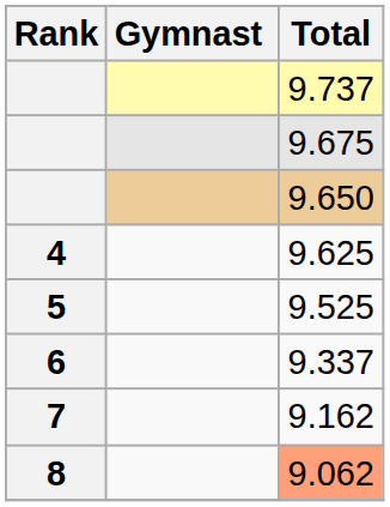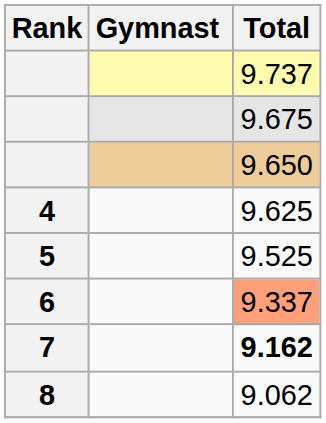 <table class="wikitable sortable" style="text-align:center; font-size:95%">
 <tr>
 <th scope=col>Rank</th>
 <th scope=col>Gymnast </th>
 <th scope=col>Total</th>
 </tr>
 <tr bgcolor=fffcaf>
 <th scope=row style="text-align:center"></th>
 <td align=left> </td>
 <td>9.737</td>
 </tr>
 <tr bgcolor=e5e5e5>
 <th scope=row style="text-align:center"></th>
 <td align=left> </td>
 <td>9.675</td>
 </tr>
 <tr bgcolor=eecc99>
 <th scope=row style="text-align:center"></th>
 <td align=left> </td>
 <td>9.650</td>
 </tr>
 <tr>
 <th scope=row style="text-align:center">4</th>
 <td align=left> </td>
 <td>9.625</td>
 </tr>
 <tr>
 <th scope=row style="text-align:center">5</th>
 <td align=left> </td>
 <td>9.525</td>
 </tr>
 <tr>
 <th scope=row style="text-align:center">6</th>
 <td align=left> </td>
-<td>9.337</td>
+<td style="background: lightsalmon;">9.337</td>
 </tr>
 <tr>
 <th scope=row style="text-align:center">7</th>
 <td align=left> </td>
-<td>9.162</td>
+<td><strong>9.162</strong></td>
 </tr>
 <tr>
 <th scope=row style="text-align:center">8</th>
 <td align=left> </td>
-<td style="background: lightsalmon;">9.062</td>
+<td>9.062</td>
 </tr>
 <tr>
 </tr>
 </table>
